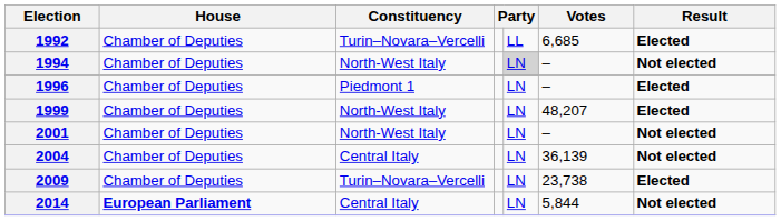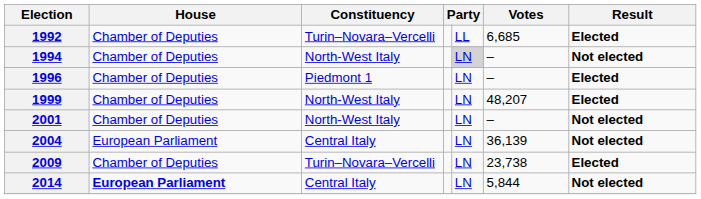 <table class=wikitable style="width:66%; border:1px #AAAAFF solid">
 <tr>
 <th width=12%>Election</th>
 <th width=30%>House</th>
 <th width=20%>Constituency</th>
 <th width=5% colspan="2">Party</th>
 <th width=12%>Votes</th>
 <th width=18%>Result</th>
 </tr>
 <tr>
 <th><a href='#'>1992</a></th>
 <td><a href='#'>Chamber of Deputies</a></td>
 <td><a href='#'>Turin–Novara–Vercelli</a></td>
 <td></td>
 <td><a href='#'>LL</a></td>
 <td>6,685</td>
 <td> <strong>Elected</strong></td>
 </tr>
 <tr>
 <th><a href='#'>1994</a></th>
 <td><a href='#'>Chamber of Deputies</a></td>
 <td><a href='#'>North-West Italy</a></td>
 <td></td>
 <td style="background: lightgrey;"><a href='#'>LN</a></td>
 <td>–</td>
 <td> <strong>Not elected</strong></td>
 </tr>
 <tr>
 <th><a href='#'>1996</a></th>
 <td><a href='#'>Chamber of Deputies</a></td>
 <td><a href='#'>Piedmont 1</a></td>
 <td></td>
 <td><a href='#'>LN</a></td>
 <td>–</td>
 <td> <strong>Elected</strong></td>
 </tr>
 <tr>
 <th><a href='#'>1999</a></th>
 <td><a href='#'>Chamber of Deputies</a></td>
 <td><a href='#'>North-West Italy</a></td>
 <td></td>
 <td><a href='#'>LN</a></td>
 <td>48,207</td>
 <td> <strong>Elected</strong></td>
 </tr>
 <tr>
 <th><a href='#'>2001</a></th>
 <td><a href='#'>Chamber of Deputies</a></td>
 <td><a href='#'>North-West Italy</a></td>
 <td></td>
 <td><a href='#'>LN</a></td>
 <td>–</td>
 <td> <strong>Not elected</strong></td>
 </tr>
 <tr>
 <th><a href='#'>2004</a></th>
-<td><a href='#'>Chamber of Deputies</a></td>
+<td><a href='#'>European Parliament</a></td>
 <td><a href='#'>Central Italy</a></td>
 <td></td>
 <td><a href='#'>LN</a></td>
 <td>36,139</td>
 <td> <strong>Not elected</strong></td>
 </tr>
 <tr>
 <th><a href='#'>2009</a></th>
 <td><a href='#'>Chamber of Deputies</a></td>
 <td><a href='#'>Turin–Novara–Vercelli</a></td>
 <td></td>
 <td><a href='#'>LN</a></td>
 <td>23,738</td>
 <td> <strong>Elected</strong></td>
 </tr>
 <tr>
 <th><a href='#'>2014</a></th>
 <td><strong><a href='#'>European Parliament</a></strong></td>
 <td><a href='#'>Central Italy</a></td>
 <td></td>
 <td><a href='#'>LN</a></td>
 <td>5,844</td>
 <td> <strong>Not elected</strong></td>
 </tr>
 <tr>
 </tr>
 </table>
